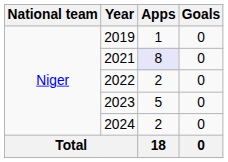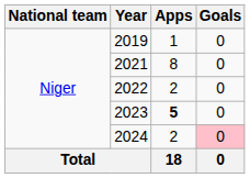 <table class="wikitable" style="text-align: center">
 <tr>
 <th>National team</th>
 <th>Year</th>
 <th>Apps</th>
 <th>Goals</th>
 </tr>
 <tr>
 <td rowspan="5"><a href='#'>Niger</a></td>
 <td>2019</td>
 <td>1</td>
 <td>0</td>
 </tr>
 <tr>
 <td>2021</td>
-<td style="background: lavender;">8</td>
+<td>8</td>
 <td>0</td>
 </tr>
 <tr>
 <td>2022</td>
 <td>2</td>
 <td>0</td>
 </tr>
 <tr>
 <td>2023</td>
-<td>5</td>
+<td><strong>5</strong></td>
 <td>0</td>
 </tr>
 <tr>
 <td>2024</td>
 <td>2</td>
-<td>0</td>
+<td style="background: pink;">0</td>
 </tr>
 <tr>
 <th colspan="2">Total</th>
 <th>18</th>
 <th>0</th>
 </tr>
 </table>
